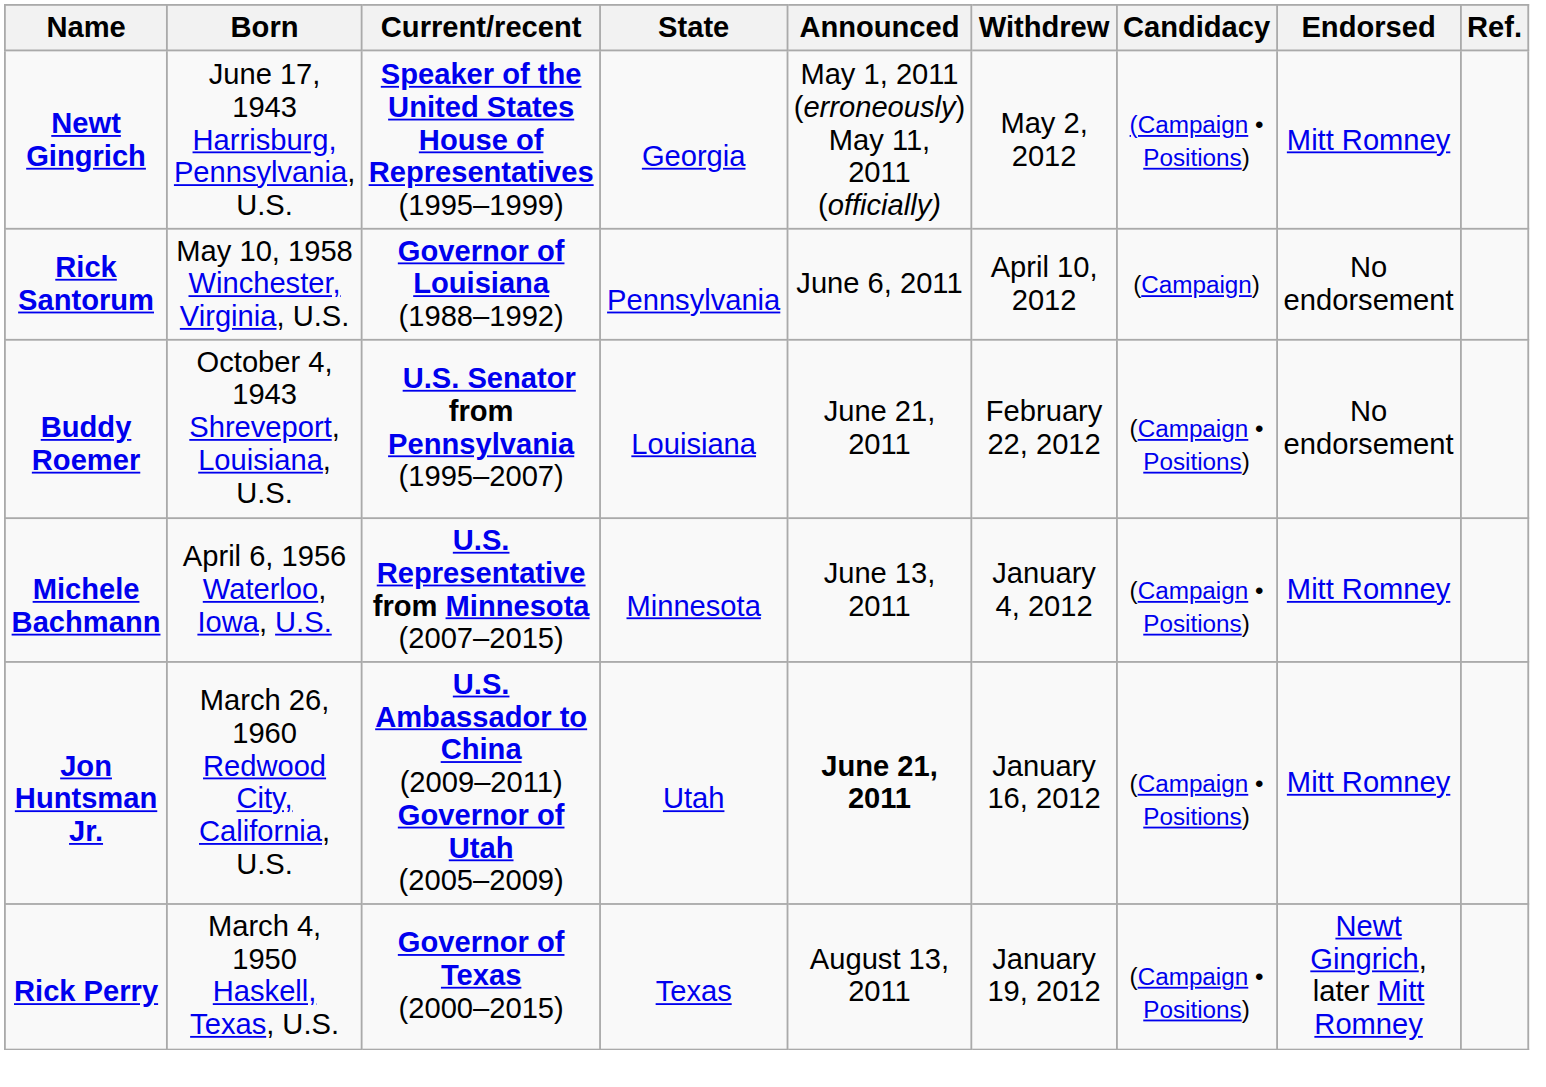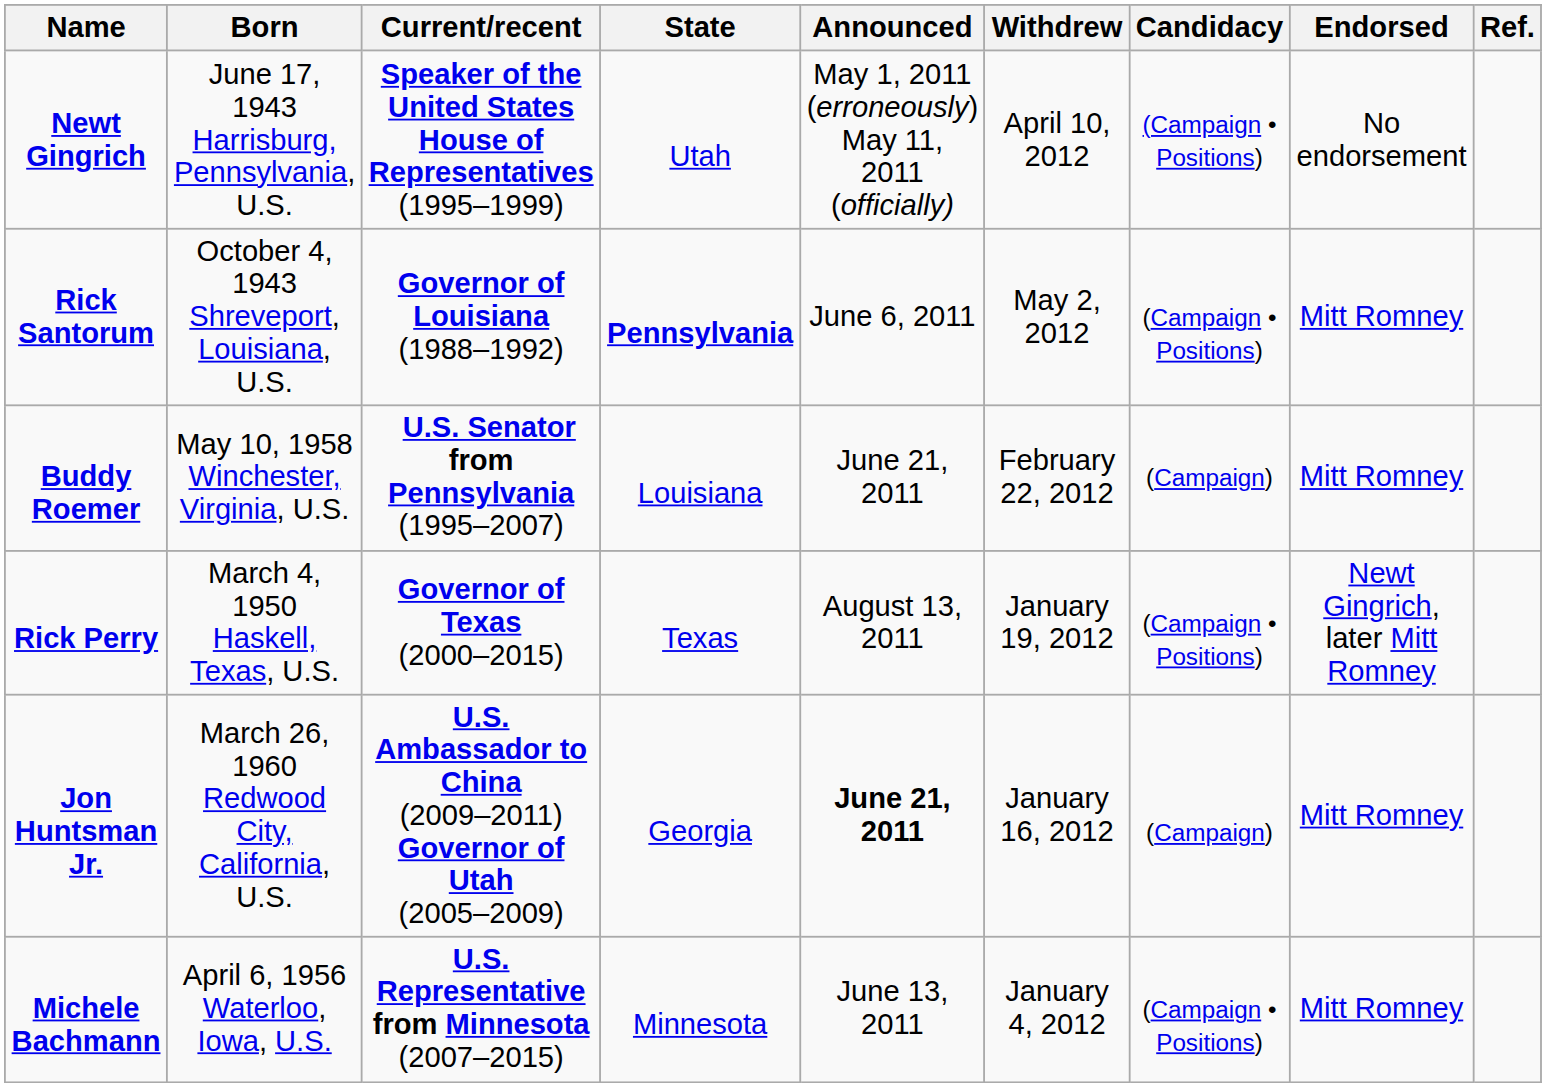 <table class="wikitable sortable" style="text-align:center; style:text-align:center">
 <tr>
 <th>Name</th>
 <th>Born</th>
 <th>Current/recent</th>
 <th>State</th>
 <th>Announced</th>
 <th>Withdrew</th>
 <th>Candidacy</th>
 <th>Endorsed</th>
 <th class="unsortable">Ref.</th>
 </tr>
 <tr>
 <td><strong><a href='#'>Newt Gingrich</a></strong></td>
 <td>June 17, 1943<br><a href='#'>Harrisburg, Pennsylvania</a>, U.S.</td>
 <td><strong><a href='#'>Speaker of the United States House of Representatives</a></strong><br>(1995–1999)</td>
-<td><br><a href='#'>Georgia</a></td>
+<td><br><a href='#'>Utah</a></td>
 <td>May 1, 2011 (<em>erroneously</em>)<br>May 11, 2011 (<em>officially)</em></td>
-<td>May 2, 2012</td>
+<td>April 10, 2012</td>
 <td><small><a href='#'>(Campaign</a> • <a href='#'>Positions</a>)</small></td>
-<td><a href='#'>Mitt Romney</a></td>
+<td>No endorsement</td>
 <td></td>
 </tr>
 <tr>
 <td><strong><a href='#'>Rick Santorum</a></strong></td>
-<td>May 10, 1958<br><a href='#'>Winchester, Virginia</a>, U.S.</td>
+<td>October 4, 1943<br><a href='#'>Shreveport</a>, <a href='#'>Louisiana</a>, U.S.</td>
 <td><strong><a href='#'>Governor of Louisiana</a></strong><br>(1988–1992)</td>
-<td><br><a href='#'>Pennsylvania</a></td>
+<td><strong><br><a href='#'>Pennsylvania</a></strong></td>
 <td>June 6, 2011</td>
-<td>April 10, 2012</td>
-<td><small>(<a href='#'>Campaign</a>)</small></td>
-<td>No endorsement</td>
-<td></td>
-</tr>
-<tr>
-<td><br><strong><a href='#'>Buddy Roemer</a></strong></td>
-<td>October 4, 1943<br><a href='#'>Shreveport</a>, <a href='#'>Louisiana</a>, U.S.</td>
-<td><strong>  <a href='#'>U.S. Senator</a> from <a href='#'>Pennsylvania</a></strong> (1995–2007)</td>
-<td><br><a href='#'>Louisiana</a></td>
-<td>June 21, 2011</td>
-<td>February 22, 2012</td>
-<td><br><small>(<a href='#'>Campaign</a> • <a href='#'>Positions</a>)</small></td>
-<td>No endorsement</td>
-<td></td>
-</tr>
-<tr>
-<td><br><strong><a href='#'>Michele Bachmann</a></strong></td>
-<td>April 6, 1956<br><a href='#'>Waterloo</a>, <a href='#'>Iowa</a>, <a href='#'>U.S.</a></td>
-<td><strong><a href='#'>U.S. Representative</a> from <a href='#'>Minnesota</a></strong><br>(2007–2015)</td>
-<td><br><a href='#'>Minnesota</a></td>
-<td>June 13, 2011</td>
-<td>January 4, 2012</td>
+<td>May 2, 2012</td>
 <td><br><small>(<a href='#'>Campaign</a> • <a href='#'>Positions</a>)</small></td>
 <td><a href='#'>Mitt Romney</a></td>
 <td></td>
 </tr>
 <tr>
-<td><br><strong><a href='#'>Jon Huntsman Jr.</a></strong></td>
-<td>March 26, 1960<br><a href='#'>Redwood City, California</a>, U.S.</td>
-<td><strong><a href='#'>U.S. Ambassador to China</a></strong><br>(2009–2011)<br><strong><a href='#'>Governor of Utah</a></strong><br>(2005–2009)</td>
-<td><br><a href='#'>Utah</a></td>
-<td><strong>June 21, 2011</strong></td>
-<td>January 16, 2012</td>
-<td><br><small>(<a href='#'>Campaign</a> • <a href='#'>Positions</a>)</small></td>
+<td><br><strong><a href='#'>Buddy Roemer</a></strong></td>
+<td>May 10, 1958<br><a href='#'>Winchester, Virginia</a>, U.S.</td>
+<td><strong>  <a href='#'>U.S. Senator</a> from <a href='#'>Pennsylvania</a></strong> (1995–2007)</td>
+<td><br><a href='#'>Louisiana</a></td>
+<td>June 21, 2011</td>
+<td>February 22, 2012</td>
+<td><small>(<a href='#'>Campaign</a>)</small></td>
 <td><a href='#'>Mitt Romney</a></td>
 <td></td>
 </tr>
 <tr>
 <td><br><strong><a href='#'>Rick Perry</a></strong></td>
 <td>March 4, 1950<br><a href='#'>Haskell, Texas</a>, U.S.</td>
 <td><strong><a href='#'>Governor of Texas</a></strong><br>(2000–2015)</td>
 <td><br><a href='#'>Texas</a></td>
 <td>August 13, 2011</td>
 <td>January 19, 2012</td>
 <td><br><small>(<a href='#'>Campaign</a> • <a href='#'>Positions</a>)</small></td>
 <td><a href='#'>Newt Gingrich</a>, later <a href='#'>Mitt Romney</a></td>
 <td></td>
 </tr>
+<tr>
+<td><br><strong><a href='#'>Jon Huntsman Jr.</a></strong></td>
+<td>March 26, 1960<br><a href='#'>Redwood City, California</a>, U.S.</td>
+<td><strong><a href='#'>U.S. Ambassador to China</a></strong><br>(2009–2011)<br><strong><a href='#'>Governor of Utah</a></strong><br>(2005–2009)</td>
+<td><br><a href='#'>Georgia</a></td>
+<td><strong>June 21, 2011</strong></td>
+<td>January 16, 2012</td>
+<td><br><small>(<a href='#'>Campaign</a>)</small></td>
+<td><a href='#'>Mitt Romney</a></td>
+<td></td>
+</tr>
+<tr>
+<td><br><strong><a href='#'>Michele Bachmann</a></strong></td>
+<td>April 6, 1956<br><a href='#'>Waterloo</a>, <a href='#'>Iowa</a>, <a href='#'>U.S.</a></td>
+<td><strong><a href='#'>U.S. Representative</a> from <a href='#'>Minnesota</a></strong><br>(2007–2015)</td>
+<td><br><a href='#'>Minnesota</a></td>
+<td>June 13, 2011</td>
+<td>January 4, 2012</td>
+<td><br><small>(<a href='#'>Campaign</a> • <a href='#'>Positions</a>)</small></td>
+<td><a href='#'>Mitt Romney</a></td>
+<td></td>
+</tr>
 </table>
